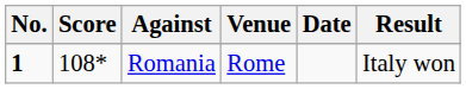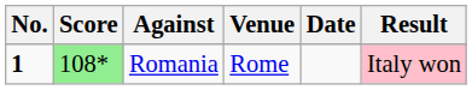 <table class="wikitable sortable plainrowheaders" style="font-size: 100%">
 <tr>
 <th>No.</th>
 <th>Score</th>
 <th>Against</th>
 <th>Venue</th>
 <th>Date</th>
 <th>Result</th>
 </tr>
 <tr>
 </tr>
 <tr>
 <td><strong>1</strong></td>
-<td>108*</td>
+<td style="background: lightgreen;">108*</td>
 <td> <a href='#'>Romania</a></td>
 <td><a href='#'>Rome</a></td>
 <td></td>
-<td>Italy won</td>
+<td style="background: pink;">Italy won</td>
 </tr>
 </table>
